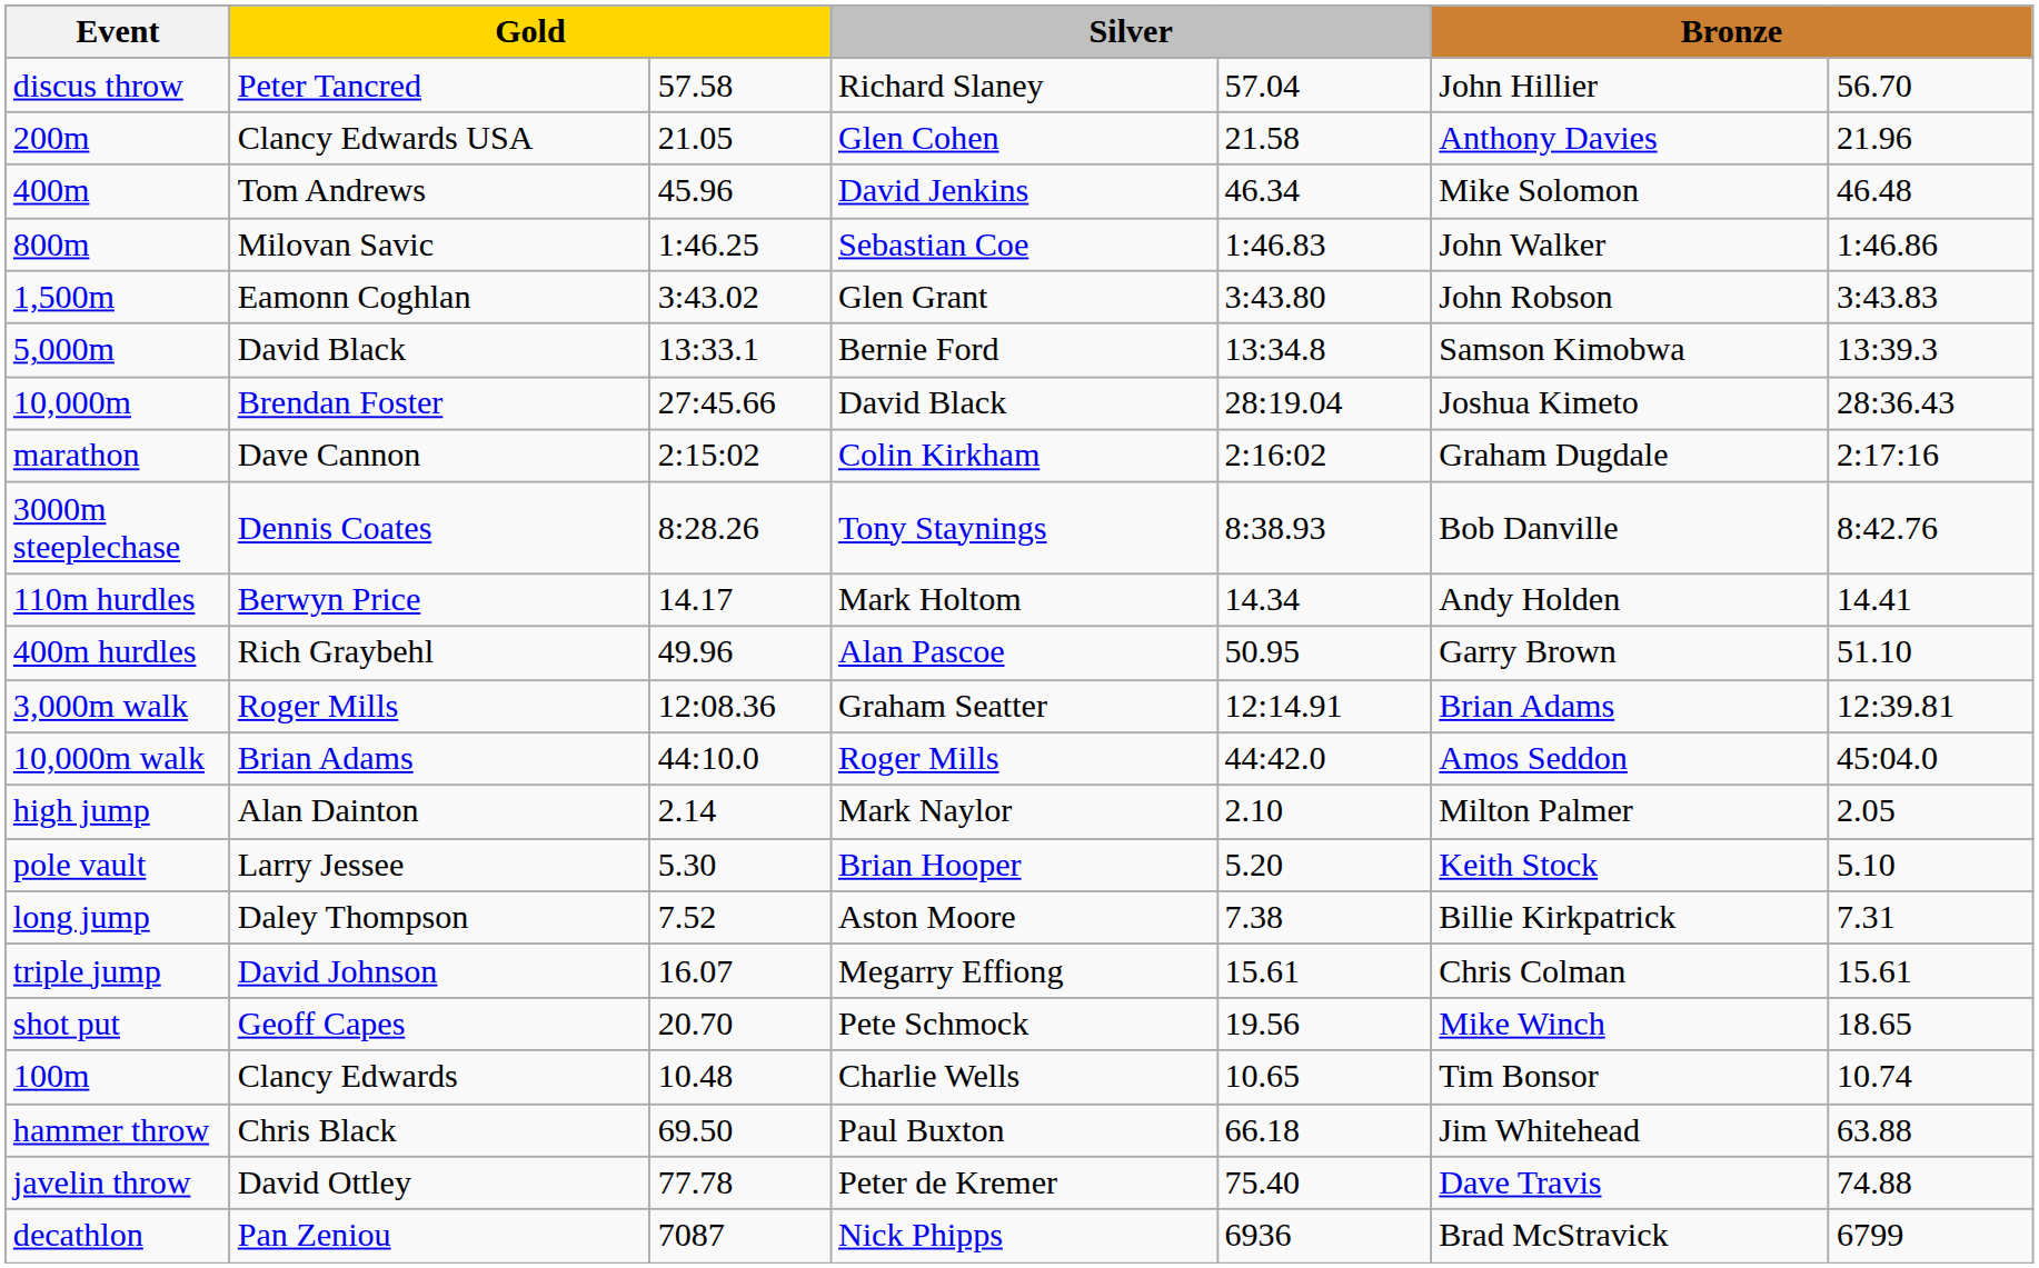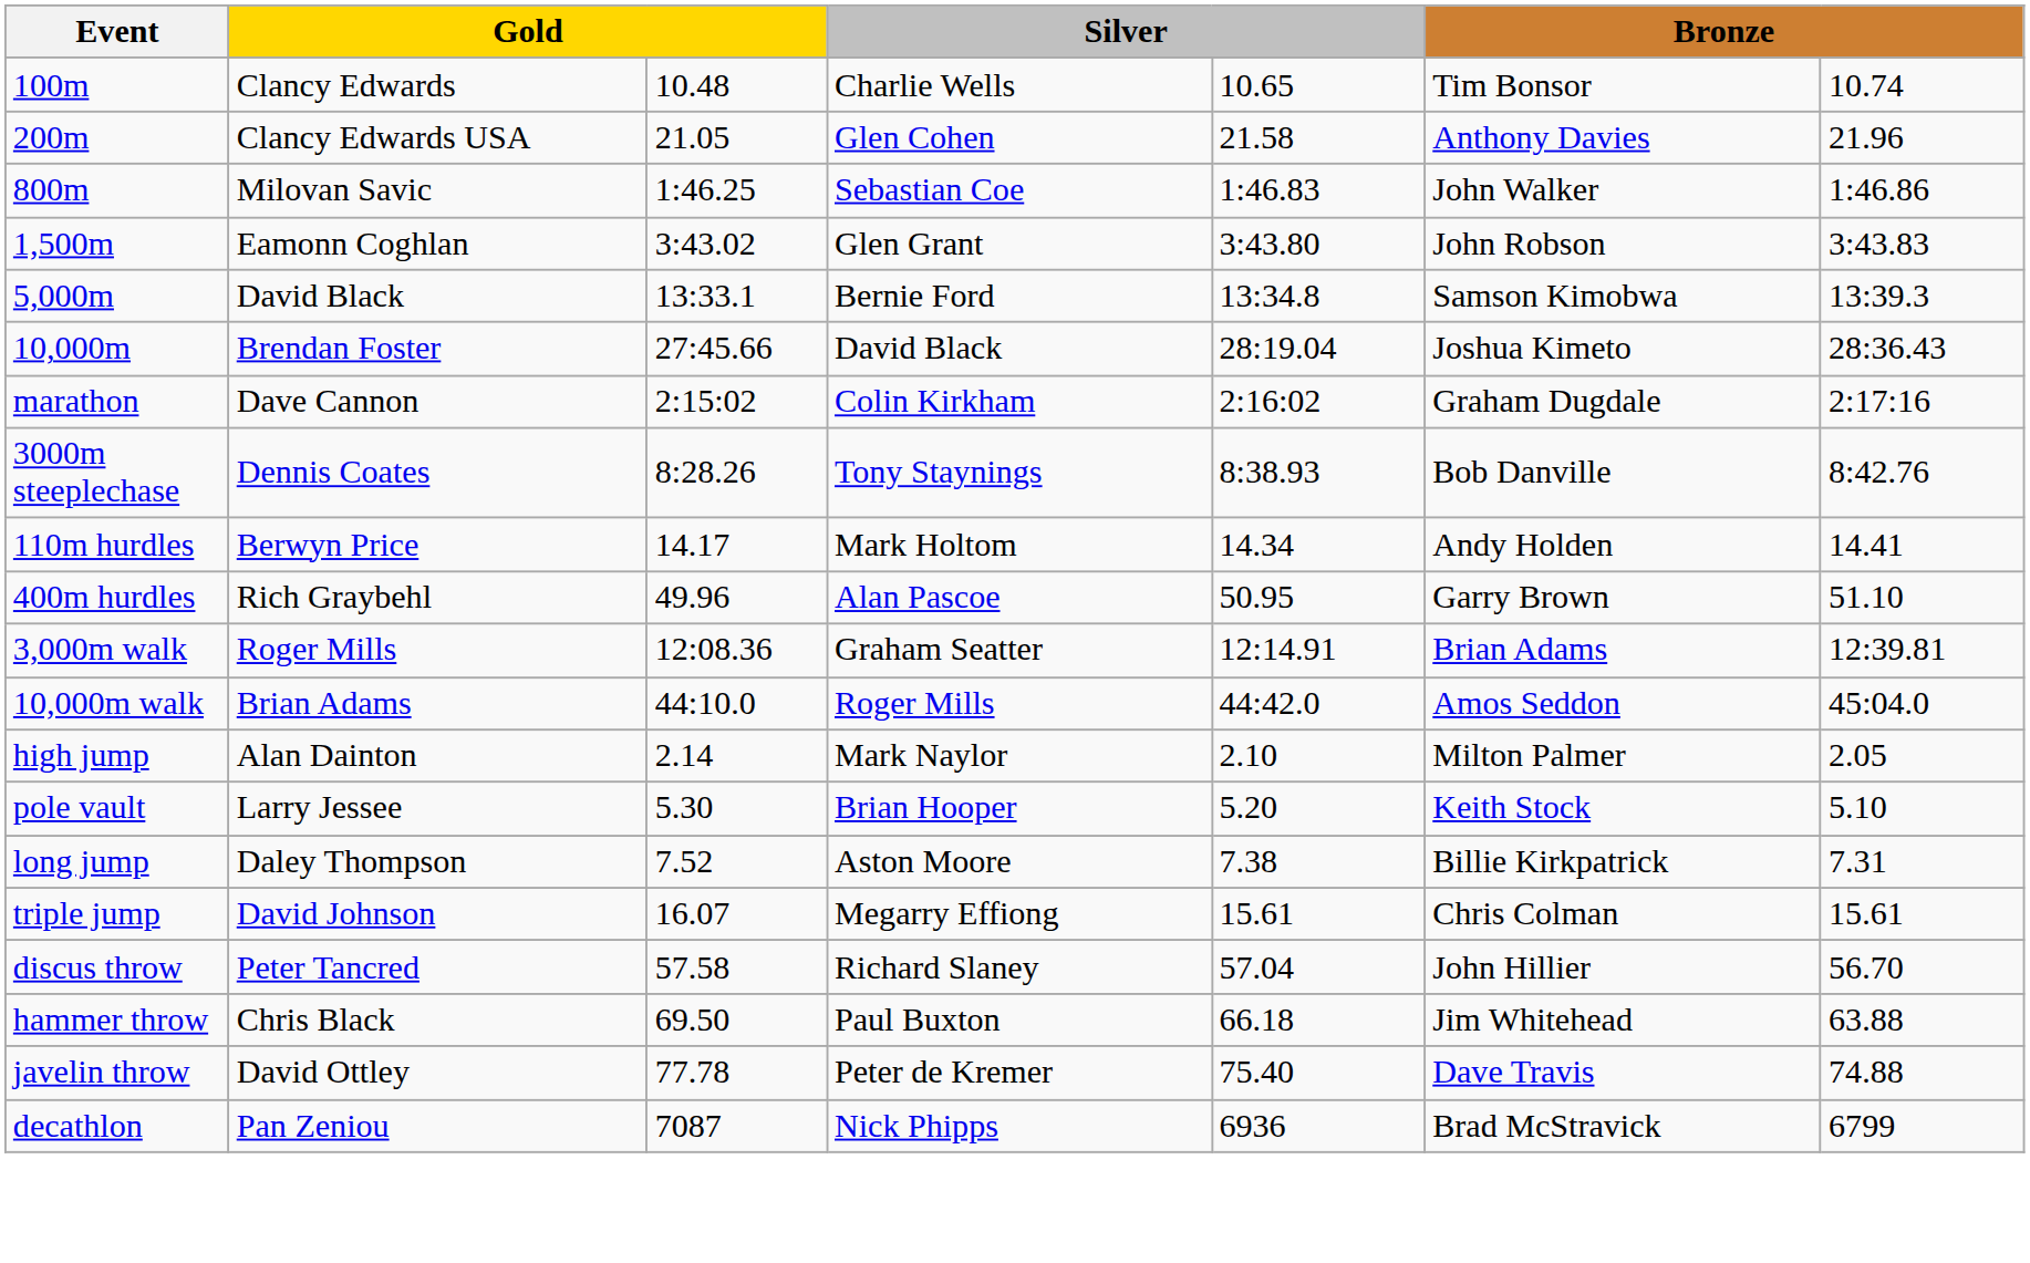 <table class="wikitable" style="text-align:left">
 <tr>
 <th width=100>Event</th>
 <th colspan="2" width="280" style="background:gold;">Gold</th>
 <th colspan="2" width="280" style="background:silver;">Silver</th>
 <th colspan="2" width="280" style="background:#CD7F32;">Bronze</th>
 </tr>
 <tr>
-<td><a href='#'>discus throw</a></td>
-<td><a href='#'>Peter Tancred</a></td>
-<td>57.58</td>
-<td>Richard Slaney</td>
-<td>57.04</td>
-<td>John Hillier</td>
-<td>56.70</td>
+<td><a href='#'>100m</a></td>
+<td> Clancy Edwards</td>
+<td>10.48</td>
+<td> Charlie Wells</td>
+<td>10.65</td>
+<td>Tim Bonsor</td>
+<td>10.74</td>
 </tr>
 <tr>
 <td><a href='#'>200m</a></td>
 <td>Clancy Edwards USA</td>
 <td>21.05</td>
 <td><a href='#'>Glen Cohen</a></td>
 <td>21.58</td>
 <td> <a href='#'>Anthony Davies</a></td>
 <td>21.96</td>
-</tr>
-<tr>
-<td><a href='#'>400m</a></td>
-<td> Tom Andrews</td>
-<td>45.96</td>
-<td> <a href='#'>David Jenkins</a></td>
-<td>46.34</td>
-<td> Mike Solomon</td>
-<td>46.48</td>
 </tr>
 <tr>
 <td><a href='#'>800m</a></td>
 <td> Milovan Savic</td>
 <td>1:46.25</td>
 <td><a href='#'>Sebastian Coe</a></td>
 <td>1:46.83</td>
 <td> John Walker</td>
 <td>1:46.86</td>
 </tr>
 <tr>
 <td><a href='#'>1,500m</a></td>
 <td> Eamonn Coghlan</td>
 <td>3:43.02</td>
 <td>Glen Grant</td>
 <td>3:43.80</td>
 <td> John Robson</td>
 <td>3:43.83</td>
 </tr>
 <tr>
 <td><a href='#'>5,000m</a></td>
 <td>David Black</td>
 <td>13:33.1</td>
 <td>Bernie Ford</td>
 <td>13:34.8</td>
 <td> Samson Kimobwa</td>
 <td>13:39.3</td>
 </tr>
 <tr>
 <td><a href='#'>10,000m</a></td>
 <td><a href='#'>Brendan Foster</a></td>
 <td>27:45.66</td>
 <td>David Black</td>
 <td>28:19.04</td>
 <td> Joshua Kimeto</td>
 <td>28:36.43</td>
 </tr>
 <tr>
 <td><a href='#'>marathon</a></td>
 <td>Dave Cannon</td>
 <td>2:15:02</td>
 <td><a href='#'>Colin Kirkham</a></td>
 <td>2:16:02</td>
 <td>Graham Dugdale</td>
 <td>2:17:16</td>
 </tr>
 <tr>
 <td><a href='#'>3000m steeplechase</a></td>
 <td><a href='#'>Dennis Coates</a></td>
 <td>8:28.26</td>
 <td><a href='#'>Tony Staynings</a></td>
 <td>8:38.93</td>
 <td>Bob Danville</td>
 <td>8:42.76</td>
 </tr>
 <tr>
 <td><a href='#'>110m hurdles</a></td>
 <td> <a href='#'>Berwyn Price</a></td>
 <td>14.17</td>
 <td>Mark Holtom</td>
 <td>14.34</td>
 <td>Andy Holden</td>
 <td>14.41</td>
 </tr>
 <tr>
 <td><a href='#'>400m hurdles</a></td>
 <td> Rich Graybehl</td>
 <td>49.96</td>
 <td><a href='#'>Alan Pascoe</a></td>
 <td>50.95</td>
 <td> Garry Brown</td>
 <td>51.10</td>
 </tr>
 <tr>
 <td><a href='#'>3,000m walk</a></td>
 <td><a href='#'>Roger Mills</a></td>
 <td>12:08.36</td>
 <td> Graham Seatter</td>
 <td>12:14.91</td>
 <td><a href='#'>Brian Adams</a></td>
 <td>12:39.81</td>
 </tr>
 <tr>
 <td><a href='#'>10,000m walk</a></td>
 <td><a href='#'>Brian Adams</a></td>
 <td>44:10.0</td>
 <td><a href='#'>Roger Mills</a></td>
 <td>44:42.0</td>
 <td><a href='#'>Amos Seddon</a></td>
 <td>45:04.0</td>
 </tr>
 <tr>
 <td><a href='#'>high jump</a></td>
 <td>Alan Dainton</td>
 <td>2.14</td>
 <td>Mark Naylor</td>
 <td>2.10</td>
 <td>Milton Palmer</td>
 <td>2.05</td>
 </tr>
 <tr>
 <td><a href='#'>pole vault</a></td>
 <td> Larry Jessee</td>
 <td>5.30</td>
 <td><a href='#'>Brian Hooper</a></td>
 <td>5.20</td>
 <td><a href='#'>Keith Stock</a></td>
 <td>5.10</td>
 </tr>
 <tr>
 <td><a href='#'>long jump</a></td>
 <td>Daley Thompson</td>
 <td>7.52</td>
 <td>Aston Moore</td>
 <td>7.38</td>
 <td>Billie Kirkpatrick</td>
 <td>7.31</td>
 </tr>
 <tr>
 <td><a href='#'>triple jump</a></td>
 <td><a href='#'>David Johnson</a></td>
 <td>16.07</td>
 <td>Megarry Effiong</td>
 <td>15.61</td>
 <td>Chris Colman</td>
 <td>15.61</td>
 </tr>
 <tr>
-<td><a href='#'>shot put</a></td>
-<td><a href='#'>Geoff Capes</a></td>
-<td>20.70</td>
-<td> Pete Schmock</td>
-<td>19.56</td>
-<td><a href='#'>Mike Winch</a></td>
-<td>18.65</td>
-</tr>
-<tr>
-<td><a href='#'>100m</a></td>
-<td> Clancy Edwards</td>
-<td>10.48</td>
-<td> Charlie Wells</td>
-<td>10.65</td>
-<td>Tim Bonsor</td>
-<td>10.74</td>
+<td><a href='#'>discus throw</a></td>
+<td><a href='#'>Peter Tancred</a></td>
+<td>57.58</td>
+<td>Richard Slaney</td>
+<td>57.04</td>
+<td>John Hillier</td>
+<td>56.70</td>
 </tr>
 <tr>
 <td><a href='#'>hammer throw</a></td>
 <td> Chris Black</td>
 <td>69.50</td>
 <td> Paul Buxton</td>
 <td>66.18</td>
 <td>Jim Whitehead</td>
 <td>63.88</td>
 </tr>
 <tr>
 <td><a href='#'>javelin throw</a></td>
 <td>David Ottley</td>
 <td>77.78</td>
 <td>Peter de Kremer</td>
 <td>75.40</td>
 <td><a href='#'>Dave Travis</a></td>
 <td>74.88</td>
 </tr>
 <tr>
 <td><a href='#'>decathlon</a></td>
 <td><a href='#'>Pan Zeniou</a></td>
 <td>7087</td>
 <td><a href='#'>Nick Phipps</a></td>
 <td>6936</td>
 <td> Brad McStravick</td>
 <td>6799</td>
 </tr>
 </table>
